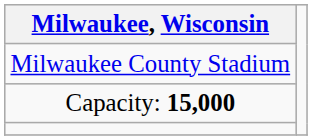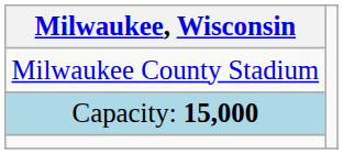 <table class="wikitable" style="text-align:center">
 <tr>
 <th><a href='#'>Milwaukee</a>, <a href='#'>Wisconsin</a></th>
 <td rowspan=4></td>
 </tr>
 <tr>
 <td><a href='#'>Milwaukee County Stadium</a></td>
 </tr>
 <tr>
-<td>Capacity: <strong>15,000</strong></td>
+<td style="background: lightblue;">Capacity: <strong>15,000</strong></td>
 </tr>
 <tr>
 <td></td>
 </tr>
 </table>
